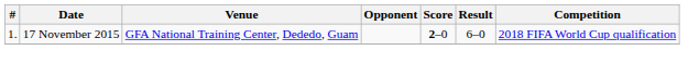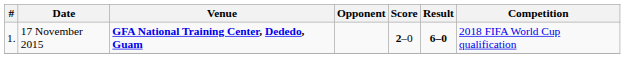 <table class="wikitable">
 <tr>
 <th>#</th>
 <th>Date</th>
 <th>Venue</th>
 <th>Opponent</th>
 <th>Score</th>
 <th>Result</th>
 <th>Competition</th>
 </tr>
 <tr>
 <td>1.</td>
 <td>17 November 2015</td>
-<td><a href='#'>GFA National Training Center</a>, <a href='#'>Dededo</a>, <a href='#'>Guam</a></td>
+<td><strong><a href='#'>GFA National Training Center</a>, <a href='#'>Dededo</a>, <a href='#'>Guam</a></strong></td>
 <td></td>
 <td align=center><strong>2</strong>–0</td>
-<td align=center>6–0</td>
+<td align=center><strong>6–0</strong></td>
 <td><a href='#'>2018 FIFA World Cup qualification</a></td>
 </tr>
 <tr>
 </tr>
 </table>
